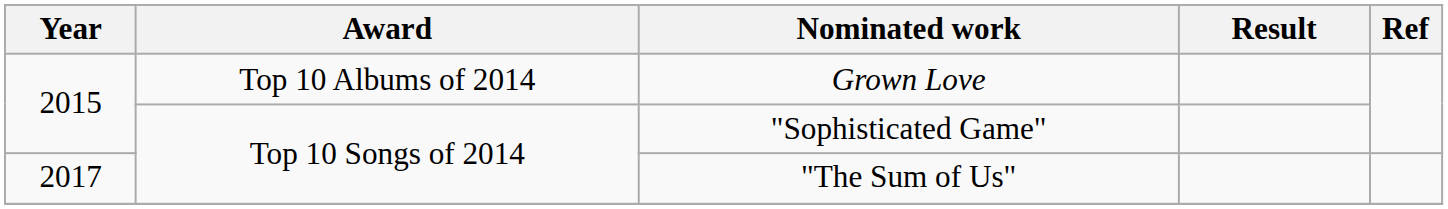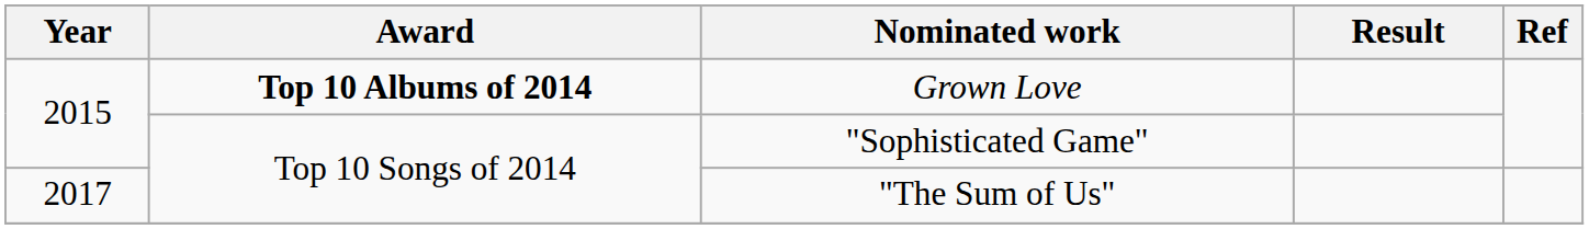 <table class="wikitable">
 <tr>
 <th width=60>Year</th>
 <th style="width:250px;">Award</th>
 <th style="width:270px;">Nominated work</th>
 <th width="90">Result</th>
 <th width="30">Ref</th>
 </tr>
 <tr align="center">
 <td rowspan="2">2015</td>
-<td>Top 10 Albums of 2014</td>
+<td><strong>Top 10 Albums of 2014</strong></td>
 <td><em>Grown Love</em></td>
 <td></td>
 <td rowspan="2"></td>
 </tr>
 <tr align="center">
 <td rowspan="2">Top 10 Songs of 2014</td>
 <td>"Sophisticated Game"</td>
 <td></td>
 </tr>
 <tr align="center">
 <td>2017</td>
 <td>"The Sum of Us"</td>
 <td></td>
 <td></td>
 </tr>
 <tr>
 </tr>
 </table>
